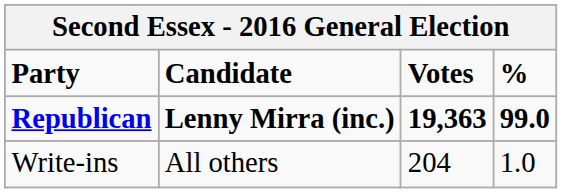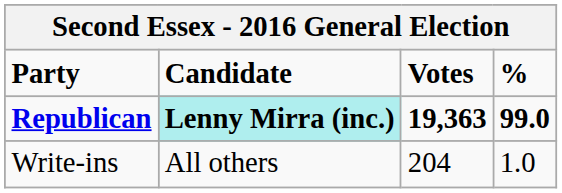 <table class="wikitable">
 <tr>
 <th colspan="4">Second Essex - 2016 General Election</th>
 </tr>
 <tr>
 <td><strong>Party</strong></td>
 <td><strong>Candidate</strong></td>
 <td><strong>Votes</strong></td>
 <td><strong>%</strong></td>
 </tr>
 <tr>
 <td><strong><a href='#'>Republican</a></strong></td>
-<td><strong>Lenny Mirra (inc.)</strong></td>
+<td style="background: paleturquoise;"><strong>Lenny Mirra (inc.)</strong></td>
 <td><strong>19,363</strong></td>
 <td><strong>99.0</strong></td>
 </tr>
 <tr>
 <td>Write-ins</td>
 <td>All others</td>
 <td>204</td>
 <td>1.0</td>
 </tr>
 </table>
